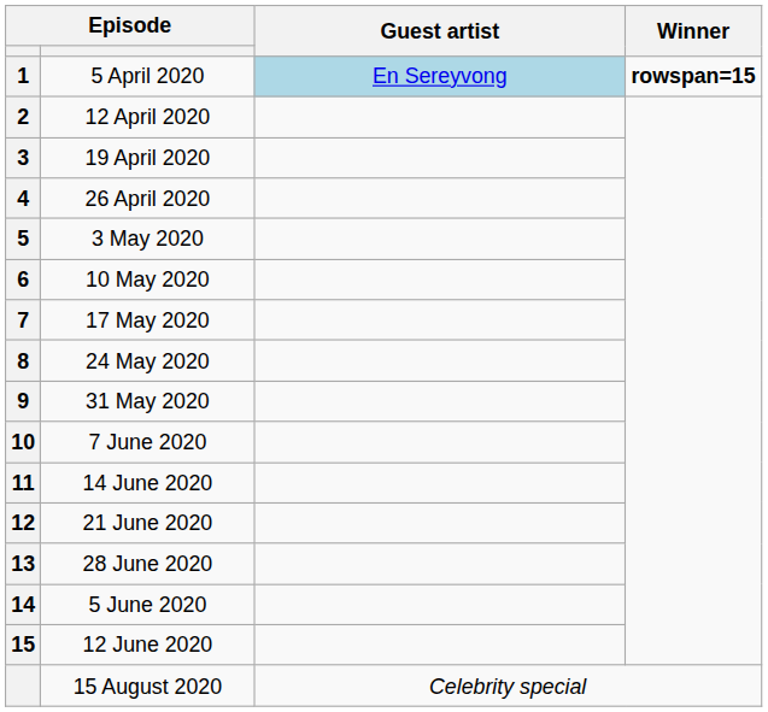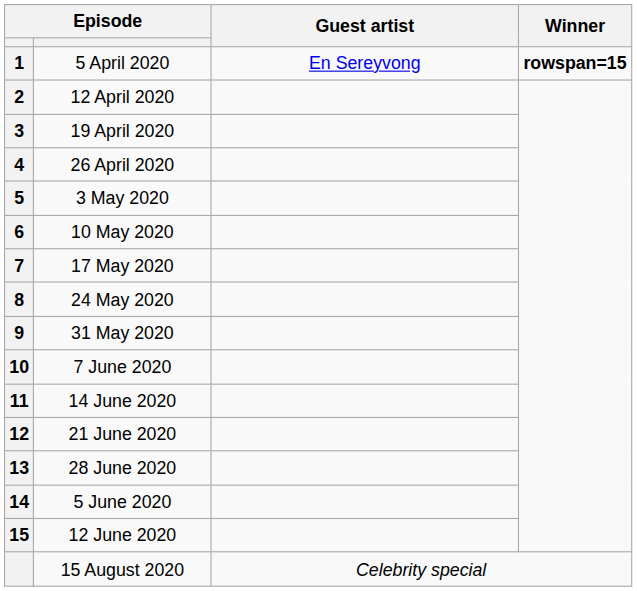 <table class="wikitable plainrowheaders mw-collapsible" style="text-align:center; line-height:23px; width:64%;">
 <tr>
 <th colspan="2" width="24%">Episode</th>
 <th rowspan="2" width="40%">Guest artist</th>
 <th rowspan="2" width="1%">Winner</th>
 </tr>
 <tr>
 <th width="01%"></th>
 <th></th>
 </tr>
 <tr>
 <th>1</th>
 <td>5 April 2020</td>
-<td style="background: lightblue;"><a href='#'>En Sereyvong</a></td>
+<td><a href='#'>En Sereyvong</a></td>
 <td><strong>rowspan=15 </strong></td>
 </tr>
 <tr>
 <th>2</th>
 <td>12 April 2020</td>
 <td></td>
 </tr>
 <tr>
 <th>3</th>
 <td>19 April 2020</td>
 <td></td>
 </tr>
 <tr>
 <th>4</th>
 <td>26 April 2020</td>
 <td></td>
 </tr>
 <tr>
 <th>5</th>
 <td>3 May 2020</td>
 <td></td>
 </tr>
 <tr>
 <th>6</th>
 <td>10 May 2020</td>
 <td></td>
 </tr>
 <tr>
 <th>7</th>
 <td>17 May 2020</td>
 <td></td>
 </tr>
 <tr>
 <th>8</th>
 <td>24 May 2020</td>
 <td></td>
 </tr>
 <tr>
 <th>9</th>
 <td>31 May 2020</td>
 <td></td>
 </tr>
 <tr>
 <th>10</th>
 <td>7 June 2020</td>
 <td></td>
 </tr>
 <tr>
 <th>11</th>
 <td>14 June 2020</td>
 <td></td>
 </tr>
 <tr>
 <th>12</th>
 <td>21 June 2020</td>
 <td></td>
 </tr>
 <tr>
 <th>13</th>
 <td>28 June 2020</td>
 <td></td>
 </tr>
 <tr>
 <th>14</th>
 <td>5 June 2020</td>
 <td></td>
 </tr>
 <tr>
 <th>15</th>
 <td>12 June 2020</td>
 <td></td>
 </tr>
 <tr>
 <th></th>
 <td>15 August 2020</td>
 <td colspan=2><em>Celebrity special</em></td>
 </tr>
 </table>
